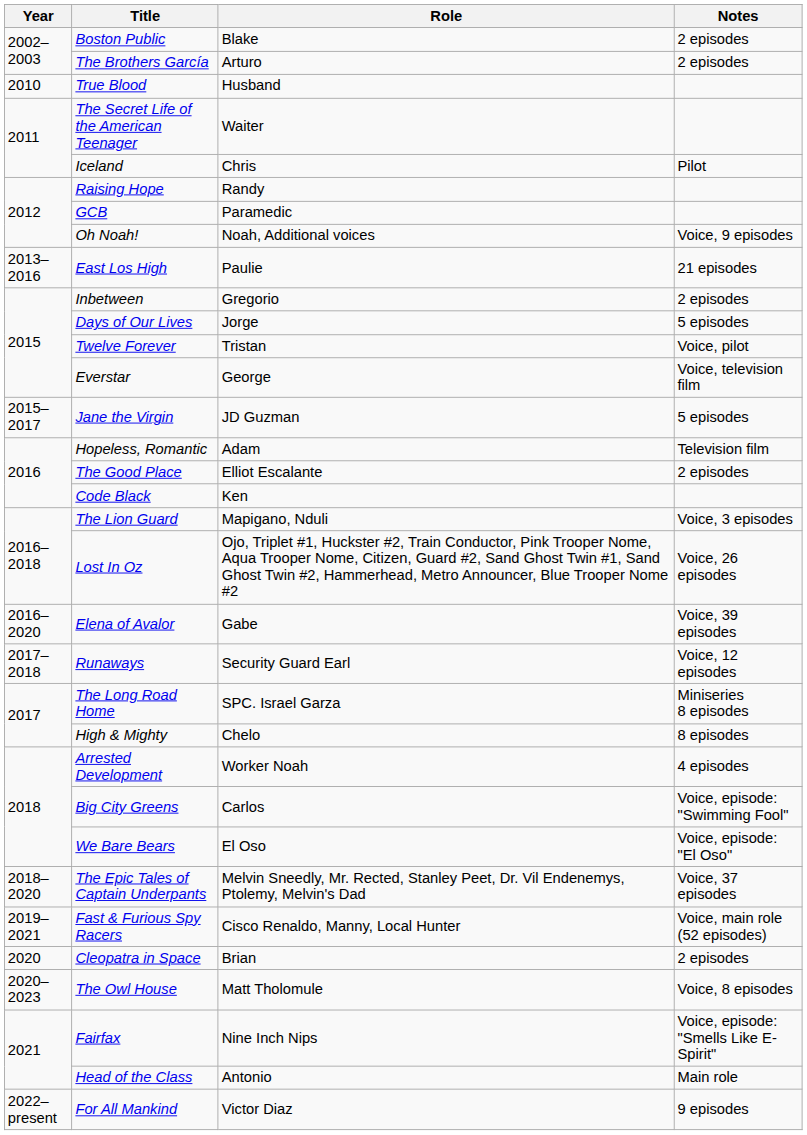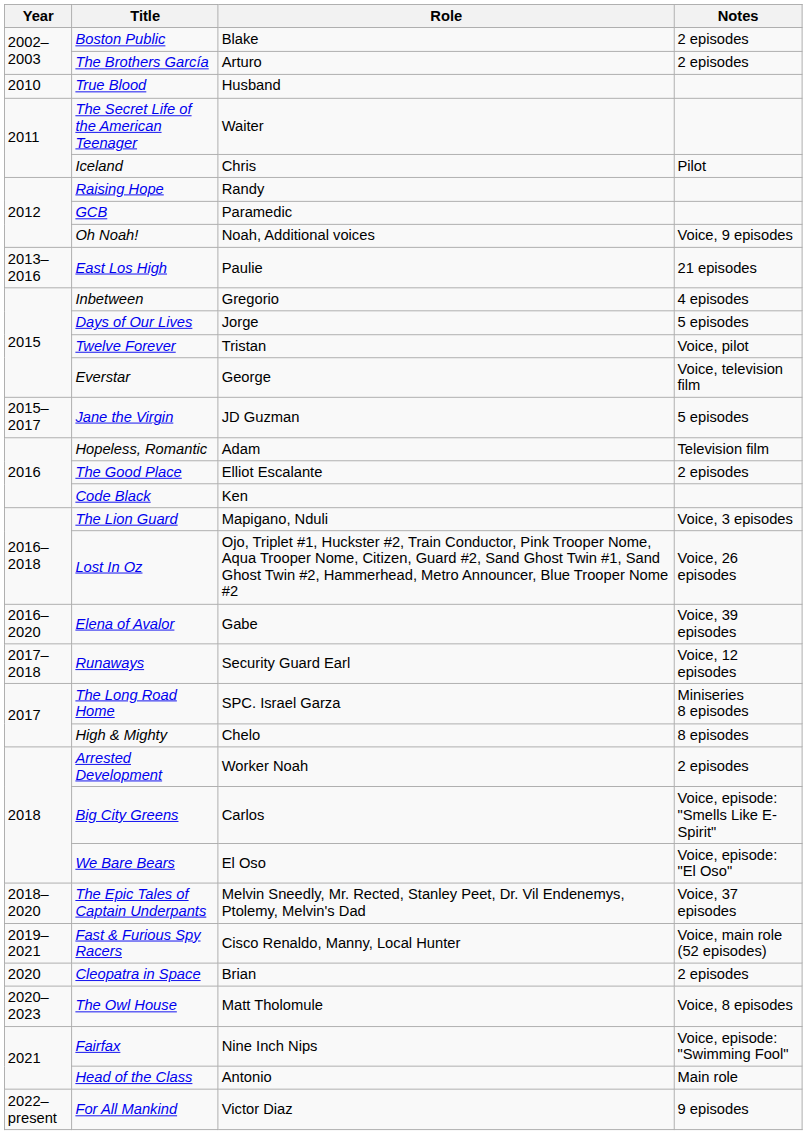 <table class="wikitable">
 <tr>
 <th>Year</th>
 <th>Title</th>
 <th>Role</th>
 <th>Notes</th>
 </tr>
 <tr>
 <td rowspan="2">2002–2003</td>
 <td><em><a href='#'>Boston Public</a></em></td>
 <td>Blake</td>
 <td>2 episodes</td>
 </tr>
 <tr>
 <td><em><a href='#'>The Brothers García</a></em></td>
 <td>Arturo</td>
 <td>2 episodes</td>
 </tr>
 <tr>
 <td>2010</td>
 <td><em><a href='#'>True Blood</a></em></td>
 <td>Husband</td>
 <td></td>
 </tr>
 <tr>
 <td rowspan="2">2011</td>
 <td><em><a href='#'>The Secret Life of the American Teenager</a></em></td>
 <td>Waiter</td>
 <td></td>
 </tr>
 <tr>
 <td><em>Iceland</em></td>
 <td>Chris</td>
 <td>Pilot</td>
 </tr>
 <tr>
 <td rowspan="3">2012</td>
 <td><em><a href='#'>Raising Hope</a></em></td>
 <td>Randy</td>
 <td></td>
 </tr>
 <tr>
 <td><em><a href='#'>GCB</a></em></td>
 <td>Paramedic</td>
 <td></td>
 </tr>
 <tr>
 <td><em>Oh Noah!</em></td>
 <td>Noah, Additional voices</td>
 <td>Voice, 9 episodes</td>
 </tr>
 <tr>
 <td>2013–2016</td>
 <td><em><a href='#'>East Los High</a></em></td>
 <td>Paulie</td>
 <td>21 episodes</td>
 </tr>
 <tr>
 <td rowspan="4">2015</td>
 <td><em>Inbetween</em></td>
 <td>Gregorio</td>
-<td>2 episodes</td>
+<td>4 episodes</td>
 </tr>
 <tr>
 <td><em><a href='#'>Days of Our Lives</a></em></td>
 <td>Jorge</td>
 <td>5 episodes</td>
 </tr>
 <tr>
 <td><em><a href='#'>Twelve Forever</a></em></td>
 <td>Tristan</td>
 <td>Voice, pilot</td>
 </tr>
 <tr>
 <td><em>Everstar</em></td>
 <td>George</td>
 <td>Voice, television film</td>
 </tr>
 <tr>
 <td>2015–2017</td>
 <td><em><a href='#'>Jane the Virgin</a></em></td>
 <td>JD Guzman</td>
 <td>5 episodes</td>
 </tr>
 <tr>
 <td rowspan="3">2016</td>
 <td><em>Hopeless, Romantic</em></td>
 <td>Adam</td>
 <td>Television film</td>
 </tr>
 <tr>
 <td><em><a href='#'>The Good Place</a></em></td>
 <td>Elliot Escalante</td>
 <td>2 episodes</td>
 </tr>
 <tr>
 <td><em><a href='#'>Code Black</a></em></td>
 <td>Ken</td>
 <td></td>
 </tr>
 <tr>
 <td rowspan="2">2016–2018</td>
 <td><em><a href='#'>The Lion Guard</a></em></td>
 <td>Mapigano, Nduli</td>
 <td>Voice, 3 episodes</td>
 </tr>
 <tr>
 <td><em><a href='#'>Lost In Oz</a></em></td>
 <td>Ojo, Triplet #1, Huckster #2, Train Conductor, Pink Trooper Nome, Aqua Trooper Nome, Citizen, Guard #2, Sand Ghost Twin #1, Sand Ghost Twin #2, Hammerhead, Metro Announcer, Blue Trooper Nome #2</td>
 <td>Voice, 26 episodes</td>
 </tr>
 <tr>
 <td>2016–2020</td>
 <td><em><a href='#'>Elena of Avalor</a></em></td>
 <td>Gabe</td>
 <td>Voice, 39 episodes</td>
 </tr>
 <tr>
 <td>2017–2018</td>
 <td><em><a href='#'>Runaways</a></em></td>
 <td>Security Guard Earl</td>
 <td>Voice, 12 episodes</td>
 </tr>
 <tr>
 <td rowspan="2">2017</td>
 <td><em><a href='#'>The Long Road Home</a></em></td>
 <td>SPC. Israel Garza</td>
 <td>Miniseries<br>8 episodes</td>
 </tr>
 <tr>
 <td><em>High & Mighty</em></td>
 <td>Chelo</td>
 <td>8 episodes</td>
 </tr>
 <tr>
 <td rowspan="3">2018</td>
 <td><em><a href='#'>Arrested Development</a></em></td>
 <td>Worker Noah</td>
-<td>4 episodes</td>
+<td>2 episodes</td>
 </tr>
 <tr>
 <td><em><a href='#'>Big City Greens</a></em></td>
 <td>Carlos</td>
-<td>Voice, episode: "Swimming Fool"</td>
+<td>Voice, episode: "Smells Like E-Spirit"</td>
 </tr>
 <tr>
 <td><em><a href='#'>We Bare Bears</a></em></td>
 <td>El Oso</td>
 <td>Voice, episode: "El Oso"</td>
 </tr>
 <tr>
 <td>2018–2020</td>
 <td><em><a href='#'>The Epic Tales of Captain Underpants</a></em></td>
 <td>Melvin Sneedly, Mr. Rected, Stanley Peet, Dr. Vil Endenemys, Ptolemy, Melvin's Dad</td>
 <td>Voice, 37 episodes</td>
 </tr>
 <tr>
 <td>2019–2021</td>
 <td><em><a href='#'>Fast & Furious Spy Racers</a></em></td>
 <td>Cisco Renaldo, Manny, Local Hunter</td>
 <td>Voice, main role (52 episodes)</td>
 </tr>
 <tr>
 <td>2020</td>
 <td><em><a href='#'>Cleopatra in Space</a></em></td>
 <td>Brian</td>
 <td>2 episodes</td>
 </tr>
 <tr>
 <td>2020–2023</td>
 <td><em><a href='#'>The Owl House</a></em></td>
 <td>Matt Tholomule</td>
 <td>Voice, 8 episodes</td>
 </tr>
 <tr>
 <td rowspan="2">2021</td>
 <td><em><a href='#'>Fairfax</a></em></td>
 <td>Nine Inch Nips</td>
-<td>Voice, episode: "Smells Like E-Spirit"</td>
+<td>Voice, episode: "Swimming Fool"</td>
 </tr>
 <tr>
 <td><em><a href='#'>Head of the Class</a></em></td>
 <td>Antonio</td>
 <td>Main role</td>
 </tr>
 <tr>
 <td>2022–present</td>
 <td><em><a href='#'>For All Mankind</a></em></td>
 <td>Victor Diaz</td>
 <td>9 episodes</td>
 </tr>
 </table>
